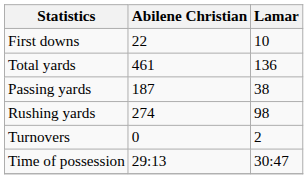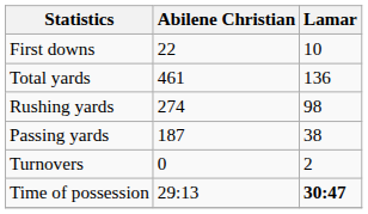 <table class="wikitable" style="float: left;">
 <tr>
 <th>Statistics</th>
 <th><strong>Abilene Christian</strong></th>
 <th><strong>Lamar</strong></th>
 </tr>
 <tr>
 <td>First downs</td>
 <td>22</td>
 <td>10</td>
 </tr>
 <tr>
 <td>Total yards</td>
 <td>461</td>
 <td>136</td>
 </tr>
 <tr>
+<td>Rushing yards</td>
+<td>274</td>
+<td>98</td>
+</tr>
+<tr>
 <td>Passing yards</td>
 <td>187</td>
 <td>38</td>
-</tr>
-<tr>
-<td>Rushing yards</td>
-<td>274</td>
-<td>98</td>
 </tr>
 <tr>
 <td>Turnovers</td>
 <td>0</td>
 <td>2</td>
 </tr>
 <tr>
 <td>Time of possession</td>
 <td>29:13</td>
-<td>30:47</td>
+<td><strong>30:47</strong></td>
 </tr>
 <tr>
 </tr>
 </table>
